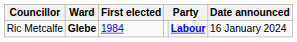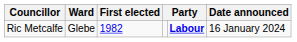 <table class="wikitable sortable">
 <tr>
 <th scope="col">Councillor</th>
 <th scope="col">Ward</th>
 <th scope="col">First elected</th>
 <th colspan="2" scope="col">Party</th>
 <th scope="col">Date announced</th>
 </tr>
 <tr>
 <td>Ric Metcalfe</td>
-<td><strong>Glebe</strong></td>
-<td><a href='#'>1984</a></td>
+<td>Glebe</td>
+<td><a href='#'>1982</a></td>
 <td style="color:inherit;background:"></td>
 <td><strong><a href='#'>Labour</a></strong></td>
 <td>16 January 2024</td>
 </tr>
 </table>
